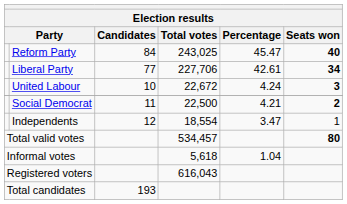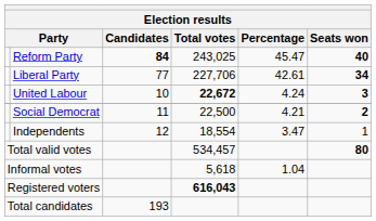 <table class=wikitable style="text-align:right">
 <tr>
 <th colspan=6></th>
 </tr>
 <tr>
 <th colspan=6>Election results</th>
 </tr>
 <tr>
 <th colspan=2>Party</th>
 <th>Candidates</th>
 <th>Total votes</th>
 <th>Percentage</th>
 <th>Seats won</th>
 </tr>
 <tr>
 <td></td>
 <td align=left><a href='#'>Reform Party</a></td>
-<td>84</td>
+<td><strong>84</strong></td>
 <td>243,025</td>
 <td>45.47</td>
 <td><strong>40</strong></td>
 </tr>
 <tr>
 <td></td>
 <td align=left><a href='#'>Liberal Party</a></td>
 <td>77</td>
 <td>227,706</td>
 <td>42.61</td>
 <td><strong>34</strong></td>
 </tr>
 <tr>
 <td></td>
 <td align=left><a href='#'>United Labour</a></td>
 <td>10</td>
-<td>22,672</td>
+<td><strong>22,672</strong></td>
 <td>4.24</td>
 <td><strong>3</strong></td>
 </tr>
 <tr>
 </tr>
 <tr>
 <td></td>
 <td align=left><a href='#'>Social Democrat</a></td>
 <td>11</td>
 <td>22,500</td>
 <td>4.21</td>
 <td><strong>2</strong></td>
 </tr>
 <tr>
 <td></td>
 <td align=left>Independents</td>
 <td>12</td>
 <td>18,554</td>
 <td>3.47</td>
 <td>1</td>
 </tr>
 <tr>
 <td colspan=2 align=left>Total valid votes</td>
 <td></td>
 <td>534,457</td>
 <td></td>
 <td><strong>80</strong></td>
 </tr>
 <tr>
 <td colspan=2 align=left>Informal votes</td>
 <td></td>
 <td>5,618</td>
 <td>1.04</td>
 <td></td>
 </tr>
 <tr>
 <td colspan=2 align=left>Registered voters</td>
 <td></td>
-<td>616,043</td>
+<td><strong>616,043</strong></td>
 <td></td>
 <td></td>
 </tr>
 <tr>
 <td colspan=2 align=left>Total candidates</td>
 <td>193</td>
 <td></td>
 <td></td>
 <td></td>
 </tr>
 </table>
